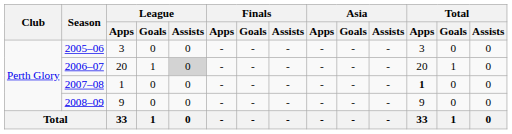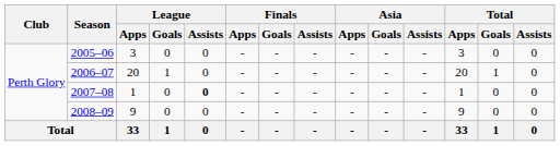 <table class="wikitable" style="text-align: center;">
 <tr>
 <th rowspan="2">Club</th>
 <th rowspan="2">Season</th>
 <th colspan="3">League</th>
 <th colspan="3">Finals</th>
 <th colspan="3">Asia</th>
 <th colspan="3">Total</th>
 </tr>
 <tr>
 <th>Apps</th>
 <th>Goals</th>
 <th>Assists</th>
 <th>Apps</th>
 <th>Goals</th>
 <th>Assists</th>
 <th>Apps</th>
 <th>Goals</th>
 <th>Assists</th>
 <th>Apps</th>
 <th>Goals</th>
 <th>Assists</th>
 </tr>
 <tr>
 <td rowspan="4" valign="center"><a href='#'>Perth Glory</a></td>
 <td><a href='#'>2005–06</a></td>
 <td>3</td>
 <td>0</td>
 <td>0</td>
 <td>-</td>
 <td>-</td>
 <td>-</td>
 <td>-</td>
 <td>-</td>
 <td>-</td>
 <td>3</td>
 <td>0</td>
 <td>0</td>
 </tr>
 <tr>
 <td><a href='#'>2006–07</a></td>
 <td>20</td>
 <td>1</td>
-<td style="background: lightgrey;">0</td>
+<td>0</td>
 <td>-</td>
 <td>-</td>
 <td>-</td>
 <td>-</td>
 <td>-</td>
 <td>-</td>
 <td>20</td>
 <td>1</td>
 <td>0</td>
 </tr>
 <tr>
 <td><a href='#'>2007–08</a></td>
 <td>1</td>
 <td>0</td>
-<td>0</td>
+<td><strong>0</strong></td>
 <td>-</td>
 <td>-</td>
 <td>-</td>
 <td>-</td>
 <td>-</td>
 <td>-</td>
-<td><strong>1</strong></td>
+<td>1</td>
 <td>0</td>
 <td>0</td>
 </tr>
 <tr>
 <td><a href='#'>2008–09</a></td>
 <td>9</td>
 <td>0</td>
 <td>0</td>
 <td>-</td>
 <td>-</td>
 <td>-</td>
 <td>-</td>
 <td>-</td>
 <td>-</td>
 <td>9</td>
 <td>0</td>
 <td>0</td>
 </tr>
 <tr>
 <th colspan="2">Total</th>
 <th>33</th>
 <th>1</th>
 <th>0</th>
 <th>-</th>
 <th>-</th>
 <th>-</th>
 <th>-</th>
 <th>-</th>
 <th>-</th>
 <th>33</th>
 <th>1</th>
 <th>0</th>
 </tr>
 </table>
